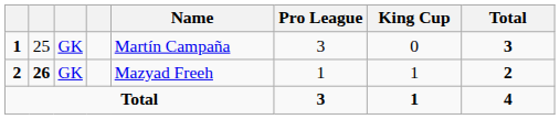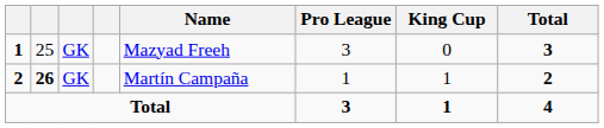 <table class="wikitable" style="text-align:center">
 <tr>
 <th width=15></th>
 <th width=15></th>
 <th width=15></th>
 <th width=15></th>
 <th width=145>Name</th>
 <th width=80>Pro League</th>
 <th width=80>King Cup</th>
 <th width=80>Total</th>
 </tr>
 <tr>
 <td><strong>1</strong></td>
 <td>25</td>
 <td><a href='#'>GK</a></td>
 <td></td>
-<td align=left><a href='#'>Martín Campaña</a></td>
+<td align=left><a href='#'>Mazyad Freeh</a></td>
 <td>3</td>
 <td>0</td>
 <td><strong>3</strong></td>
 </tr>
 <tr>
 <td><strong>2</strong></td>
 <td><strong>26</strong></td>
 <td><a href='#'>GK</a></td>
 <td></td>
-<td align=left><a href='#'>Mazyad Freeh</a></td>
+<td align=left><a href='#'>Martín Campaña</a></td>
 <td>1</td>
 <td>1</td>
 <td><strong>2</strong></td>
 </tr>
 <tr>
 <td colspan=5><strong>Total</strong></td>
 <td><strong>3</strong></td>
 <td><strong>1</strong></td>
 <td><strong>4</strong></td>
 </tr>
 </table>
